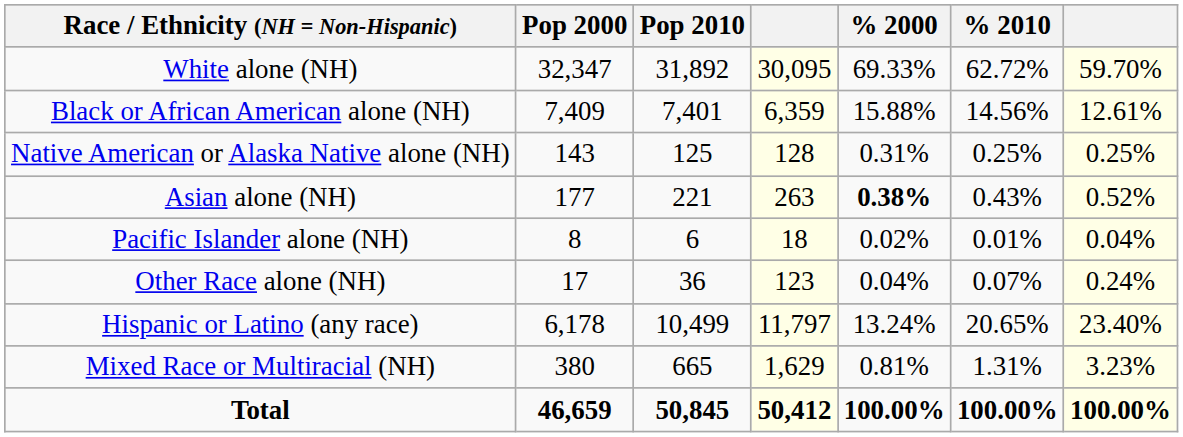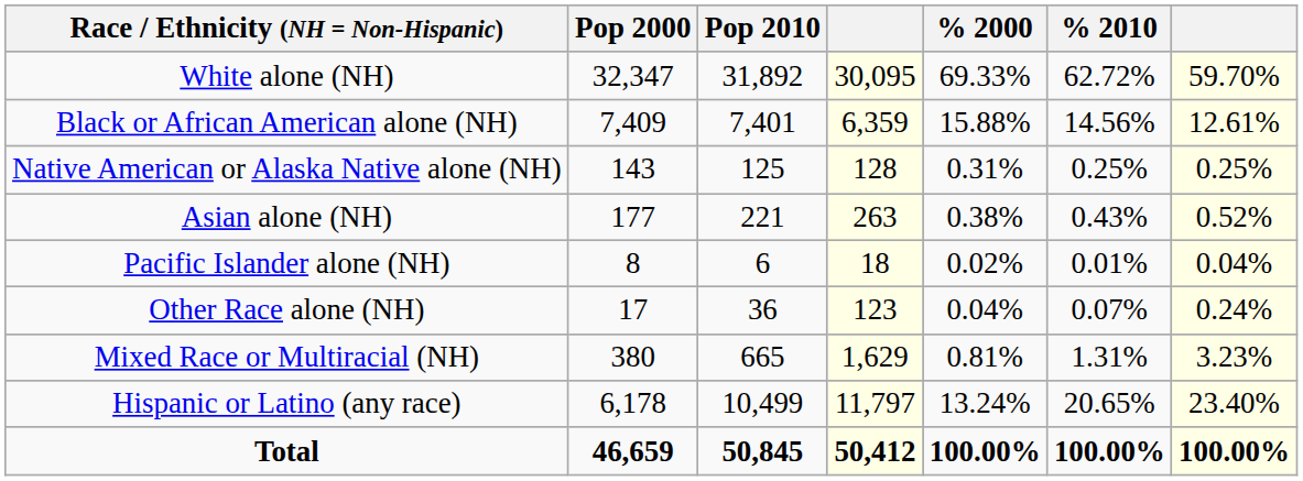 <table class="wikitable" style="text-align:center;">
 <tr>
 <th>Race / Ethnicity <small>(<em>NH = Non-Hispanic</em>)</small></th>
 <th>Pop 2000</th>
 <th>Pop 2010</th>
 <th></th>
 <th>% 2000</th>
 <th>% 2010</th>
 <th></th>
 </tr>
 <tr>
 <td><a href='#'>White</a> alone (NH)</td>
 <td>32,347</td>
 <td>31,892</td>
 <td style='background: #ffffe6;'>30,095</td>
 <td>69.33%</td>
 <td>62.72%</td>
 <td style='background: #ffffe6;'>59.70%</td>
 </tr>
 <tr>
 <td><a href='#'>Black or African American</a> alone (NH)</td>
 <td>7,409</td>
 <td>7,401</td>
 <td style='background: #ffffe6;'>6,359</td>
 <td>15.88%</td>
 <td>14.56%</td>
 <td style='background: #ffffe6;'>12.61%</td>
 </tr>
 <tr>
 <td><a href='#'>Native American</a> or <a href='#'>Alaska Native</a> alone (NH)</td>
 <td>143</td>
 <td>125</td>
 <td style='background: #ffffe6;'>128</td>
 <td>0.31%</td>
 <td>0.25%</td>
 <td style='background: #ffffe6;'>0.25%</td>
 </tr>
 <tr>
 <td><a href='#'>Asian</a> alone (NH)</td>
 <td>177</td>
 <td>221</td>
 <td style='background: #ffffe6;'>263</td>
-<td><strong>0.38%</strong></td>
+<td>0.38%</td>
 <td>0.43%</td>
 <td style='background: #ffffe6;'>0.52%</td>
 </tr>
 <tr>
 <td><a href='#'>Pacific Islander</a> alone (NH)</td>
 <td>8</td>
 <td>6</td>
 <td style='background: #ffffe6;'>18</td>
 <td>0.02%</td>
 <td>0.01%</td>
 <td style='background: #ffffe6;'>0.04%</td>
 </tr>
 <tr>
 <td><a href='#'>Other Race</a> alone (NH)</td>
 <td>17</td>
 <td>36</td>
 <td style='background: #ffffe6;'>123</td>
 <td>0.04%</td>
 <td>0.07%</td>
 <td style='background: #ffffe6;'>0.24%</td>
 </tr>
 <tr>
+<td><a href='#'>Mixed Race or Multiracial</a> (NH)</td>
+<td>380</td>
+<td>665</td>
+<td style='background: #ffffe6;'>1,629</td>
+<td>0.81%</td>
+<td>1.31%</td>
+<td style='background: #ffffe6;'>3.23%</td>
+</tr>
+<tr>
 <td><a href='#'>Hispanic or Latino</a> (any race)</td>
 <td>6,178</td>
 <td>10,499</td>
 <td style='background: #ffffe6;'>11,797</td>
 <td>13.24%</td>
 <td>20.65%</td>
 <td style='background: #ffffe6;'>23.40%</td>
-</tr>
-<tr>
-<td><a href='#'>Mixed Race or Multiracial</a> (NH)</td>
-<td>380</td>
-<td>665</td>
-<td style='background: #ffffe6;'>1,629</td>
-<td>0.81%</td>
-<td>1.31%</td>
-<td style='background: #ffffe6;'>3.23%</td>
 </tr>
 <tr>
 <td><strong>Total</strong></td>
 <td><strong>46,659</strong></td>
 <td><strong>50,845</strong></td>
 <td style='background: #ffffe6;'><strong>50,412</strong></td>
 <td><strong>100.00%</strong></td>
 <td><strong>100.00%</strong></td>
 <td style='background: #ffffe6;'><strong>100.00%</strong></td>
 </tr>
 </table>
